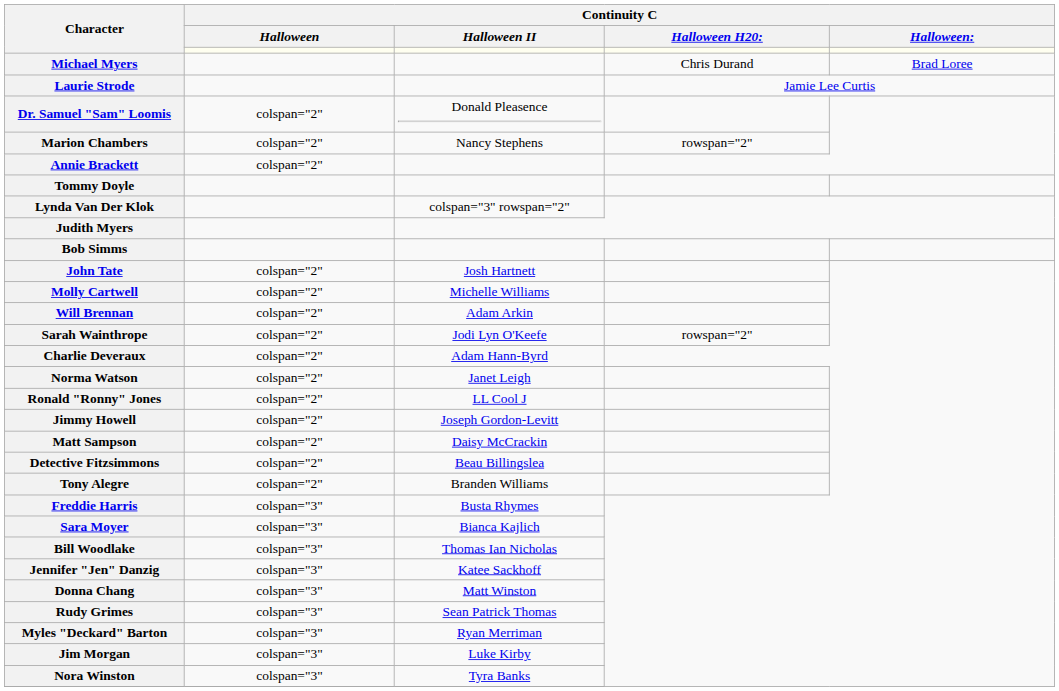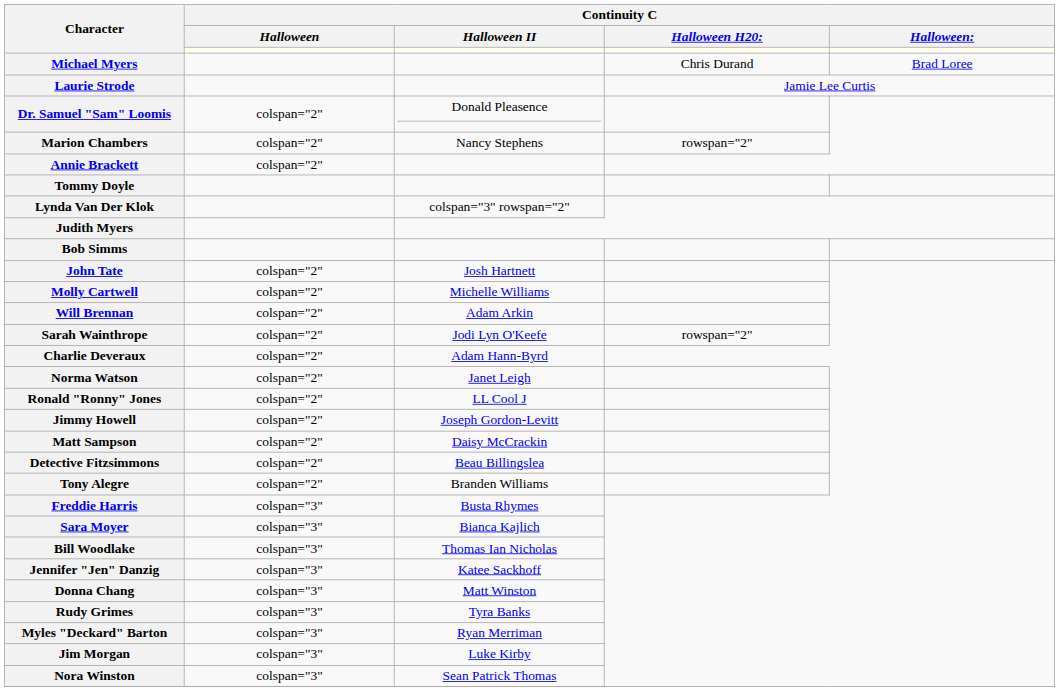 <table class="wikitable" style="text-align:center; width:99%;">
 <tr>
 <th rowspan="3" style="width:12%;">Character</th>
 <th colspan="5" style="text-align:center;">Continuity C</th>
 </tr>
 <tr>
 <th style="text-align:center; width:14%;"><em>Halloween</em></th>
 <th style="text-align:center; width:14%;"><em>Halloween II</em></th>
 <th style="text-align:center; width:15%;"><a href='#'><em>Halloween H20:<br></em></a></th>
 <th style="text-align:center; width:15%;"><a href='#'><em>Halloween:<br></em></a></th>
 </tr>
 <tr>
 <td style="background:ivory;"></td>
 <td style="background:ivory;"></td>
 <td style="background:ivory;"></td>
 <td style="background:ivory;"></td>
 </tr>
 <tr>
 <th><a href='#'>Michael Myers<br></a></th>
 <td></td>
 <td></td>
 <td>Chris Durand</td>
 <td><a href='#'>Brad Loree</a></td>
 </tr>
 <tr>
 <th><a href='#'>Laurie Strode<br></a></th>
 <td></td>
 <td></td>
 <td colspan="2"><a href='#'>Jamie Lee Curtis</a></td>
 </tr>
 <tr>
 <th><a href='#'>Dr. Samuel "Sam" Loomis</a></th>
 <td>colspan="2" </td>
 <td>Donald Pleasence<hr></td>
 <td></td>
 </tr>
 <tr>
 <th>Marion Chambers</th>
 <td>colspan="2" </td>
 <td>Nancy Stephens</td>
 <td>rowspan="2" </td>
 </tr>
 <tr>
 <th><a href='#'>Annie Brackett</a></th>
 <td>colspan="2" </td>
 <td></td>
 </tr>
 <tr>
 <th>Tommy Doyle</th>
 <td></td>
 <td></td>
 <td></td>
 <td></td>
 </tr>
 <tr>
 <th>Lynda Van Der Klok</th>
 <td></td>
 <td>colspan="3" rowspan="2" </td>
 </tr>
 <tr>
 <th>Judith Myers</th>
 <td></td>
 </tr>
 <tr>
 <th>Bob Simms</th>
 <td></td>
 <td></td>
 <td></td>
 <td></td>
 </tr>
 <tr>
 <th><a href='#'>John Tate</a></th>
 <td>colspan="2" </td>
 <td><a href='#'>Josh Hartnett</a></td>
 <td></td>
 </tr>
 <tr>
 <th><a href='#'>Molly Cartwell</a></th>
 <td>colspan="2" </td>
 <td><a href='#'>Michelle Williams</a></td>
 <td></td>
 </tr>
 <tr>
 <th><a href='#'>Will Brennan</a></th>
 <td>colspan="2" </td>
 <td><a href='#'>Adam Arkin</a></td>
 <td></td>
 </tr>
 <tr>
 <th>Sarah Wainthrope</th>
 <td>colspan="2" </td>
 <td><a href='#'>Jodi Lyn O'Keefe</a></td>
 <td>rowspan="2" </td>
 </tr>
 <tr>
 <th>Charlie Deveraux</th>
 <td>colspan="2" </td>
 <td><a href='#'>Adam Hann-Byrd</a></td>
 </tr>
 <tr>
 <th>Norma Watson</th>
 <td>colspan="2" </td>
 <td><a href='#'>Janet Leigh</a></td>
 <td></td>
 </tr>
 <tr>
 <th>Ronald "Ronny" Jones</th>
 <td>colspan="2" </td>
 <td><a href='#'>LL Cool J</a></td>
 <td></td>
 </tr>
 <tr>
 <th>Jimmy Howell</th>
 <td>colspan="2" </td>
 <td><a href='#'>Joseph Gordon-Levitt</a></td>
 <td></td>
 </tr>
 <tr>
 <th>Matt Sampson</th>
 <td>colspan="2" </td>
 <td><a href='#'>Daisy McCrackin</a></td>
 <td></td>
 </tr>
 <tr>
 <th>Detective Fitzsimmons</th>
 <td>colspan="2" </td>
 <td><a href='#'>Beau Billingslea</a></td>
 <td></td>
 </tr>
 <tr>
 <th>Tony Alegre</th>
 <td>colspan="2" </td>
 <td>Branden Williams</td>
 <td></td>
 </tr>
 <tr>
 <th><a href='#'>Freddie Harris</a></th>
 <td>colspan="3" </td>
 <td><a href='#'>Busta Rhymes</a></td>
 </tr>
 <tr>
 <th><a href='#'>Sara Moyer</a></th>
 <td>colspan="3" </td>
 <td><a href='#'>Bianca Kajlich</a></td>
 </tr>
 <tr>
 <th>Bill Woodlake</th>
 <td>colspan="3" </td>
 <td><a href='#'>Thomas Ian Nicholas</a></td>
 </tr>
 <tr>
 <th>Jennifer "Jen" Danzig</th>
 <td>colspan="3" </td>
 <td><a href='#'>Katee Sackhoff</a></td>
 </tr>
 <tr>
 <th>Donna Chang</th>
 <td>colspan="3" </td>
 <td><a href='#'>Matt Winston</a></td>
 </tr>
 <tr>
 <th>Rudy Grimes</th>
 <td>colspan="3" </td>
-<td><a href='#'>Sean Patrick Thomas</a></td>
+<td><a href='#'>Tyra Banks</a></td>
 </tr>
 <tr>
 <th>Myles "Deckard" Barton</th>
 <td>colspan="3" </td>
 <td><a href='#'>Ryan Merriman</a></td>
 </tr>
 <tr>
 <th>Jim Morgan</th>
 <td>colspan="3" </td>
 <td><a href='#'>Luke Kirby</a></td>
 </tr>
 <tr>
 <th>Nora Winston</th>
 <td>colspan="3" </td>
-<td><a href='#'>Tyra Banks</a></td>
+<td><a href='#'>Sean Patrick Thomas</a></td>
 </tr>
 <tr>
 </tr>
 </table>
